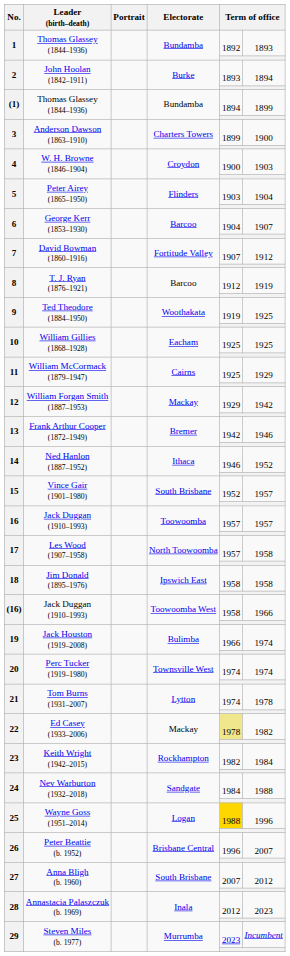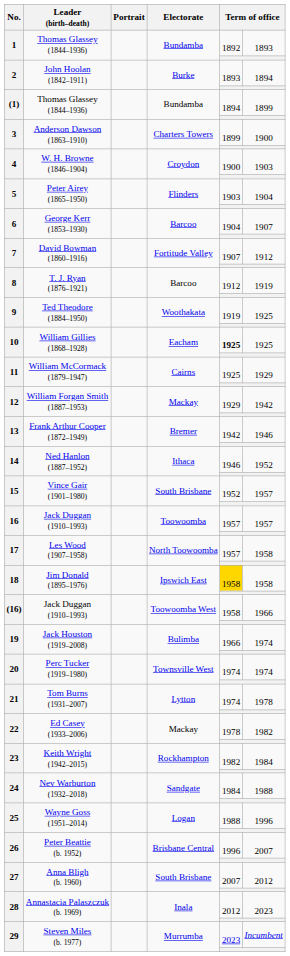 <table class="wikitable" style="text-align:center; font-size: 95%">
 <tr>
 <th>No.</th>
 <th>Leader<br><small>(birth–death)</small></th>
 <th>Portrait</th>
 <th>Electorate</th>
 <th colspan=2 scope="col">Term of office</th>
 </tr>
 <tr>
 <th rowspan=2>1</th>
 <td rowspan=2><a href='#'>Thomas Glassey</a><br><small>(1844–1936)</small></td>
 <td rowspan=2></td>
 <td rowspan=2><a href='#'>Bundamba</a></td>
 <td><br>1892</td>
 <td><br>1893</td>
 </tr>
 <tr>
 <th colspan=2 style="font-size:90%; font-weight:normal"></th>
 </tr>
 <tr>
 <th rowspan=2>2</th>
 <td rowspan=2><a href='#'>John Hoolan</a><br><small>(1842–1911)</small></td>
 <td rowspan=2></td>
 <td rowspan=2><a href='#'>Burke</a></td>
 <td><br>1893</td>
 <td><br>1894</td>
 </tr>
 <tr>
 <th colspan=2 style="font-size:90%; font-weight:normal"></th>
 </tr>
 <tr>
 <th rowspan=2>(1)</th>
 <td rowspan=2>Thomas Glassey<br><small>(1844–1936)</small></td>
 <td rowspan=2></td>
 <td rowspan=2>Bundamba</td>
 <td><br>1894</td>
 <td><br>1899</td>
 </tr>
 <tr>
 <th colspan=2 style="font-size:90%; font-weight:normal"></th>
 </tr>
 <tr>
 <th rowspan=2>3</th>
 <td rowspan=2><a href='#'>Anderson Dawson</a><br><small>(1863–1910)</small></td>
 <td rowspan=2></td>
 <td rowspan=2><a href='#'>Charters Towers</a></td>
 <td><br>1899</td>
 <td><br>1900</td>
 </tr>
 <tr>
 <th colspan=2 style="font-size:90%; font-weight:normal"></th>
 </tr>
 <tr>
 <th rowspan=2>4</th>
 <td rowspan=2><a href='#'>W. H. Browne</a><br><small>(1846–1904)</small></td>
 <td rowspan=2></td>
 <td rowspan=2><a href='#'>Croydon</a></td>
 <td><br>1900</td>
 <td><br>1903</td>
 </tr>
 <tr>
 <th colspan=2 style="font-size:90%; font-weight:normal"></th>
 </tr>
 <tr>
 <th rowspan=2>5</th>
 <td rowspan=2><a href='#'>Peter Airey</a><br><small>(1865–1950)</small></td>
 <td rowspan=2></td>
 <td rowspan=2><a href='#'>Flinders</a></td>
 <td><br>1903</td>
 <td><br>1904</td>
 </tr>
 <tr>
 <th colspan=2 style="font-size:90%; font-weight:normal"></th>
 </tr>
 <tr>
 <th rowspan=2>6</th>
 <td rowspan=2><a href='#'>George Kerr</a><br><small>(1853–1930)</small></td>
 <td rowspan=2></td>
 <td rowspan=2><a href='#'>Barcoo</a></td>
 <td><br>1904</td>
 <td><br>1907</td>
 </tr>
 <tr>
 <th colspan=2 style="font-size:90%; font-weight:normal"></th>
 </tr>
 <tr>
 <th rowspan=2>7</th>
 <td rowspan=2><a href='#'>David Bowman</a><br><small>(1860–1916)</small></td>
 <td rowspan=2></td>
 <td rowspan=2><a href='#'>Fortitude Valley</a></td>
 <td><br>1907</td>
 <td><br>1912</td>
 </tr>
 <tr>
 <th colspan=2 style="font-size:90%; font-weight:normal"></th>
 </tr>
 <tr>
 <th rowspan=2>8</th>
 <td rowspan=2><a href='#'>T. J. Ryan</a><br><small>(1876–1921)</small></td>
 <td rowspan=2></td>
 <td rowspan=2>Barcoo</td>
 <td><br>1912</td>
 <td><br>1919</td>
 </tr>
 <tr>
 <th colspan=2 style="font-size:90%; font-weight:normal"></th>
 </tr>
 <tr>
 <th rowspan=2>9</th>
 <td rowspan=2><a href='#'>Ted Theodore</a><br><small>(1884–1950)</small></td>
 <td rowspan=2></td>
 <td rowspan=2><a href='#'>Woothakata</a></td>
 <td><br>1919</td>
 <td><br>1925</td>
 </tr>
 <tr>
 <th colspan=2 style="font-size:90%; font-weight:normal"></th>
 </tr>
 <tr>
 <th rowspan=2>10</th>
 <td rowspan=2><a href='#'>William Gillies</a><br><small>(1868–1928)</small></td>
 <td rowspan=2></td>
 <td rowspan=2><a href='#'>Eacham</a></td>
-<td><br>1925</td>
+<td><strong><br>1925</strong></td>
 <td><br>1925</td>
 </tr>
 <tr>
 <th colspan=2 style="font-size:90%; font-weight:normal"></th>
 </tr>
 <tr>
 <th rowspan=2>11</th>
 <td rowspan=2><a href='#'>William McCormack</a><br><small>(1879–1947)</small></td>
 <td rowspan=2></td>
 <td rowspan=2><a href='#'>Cairns</a></td>
 <td><br>1925</td>
 <td><br>1929</td>
 </tr>
 <tr>
 <th colspan=2 style="font-size:90%; font-weight:normal"></th>
 </tr>
 <tr>
 <th rowspan=2>12</th>
 <td rowspan=2><a href='#'>William Forgan Smith</a><br><small>(1887–1953)</small></td>
 <td rowspan=2></td>
 <td rowspan=2><a href='#'>Mackay</a></td>
 <td><br>1929</td>
 <td><br>1942</td>
 </tr>
 <tr>
 <th colspan=2 style="font-size:90%; font-weight:normal"></th>
 </tr>
 <tr>
 <th rowspan=2>13</th>
 <td rowspan=2><a href='#'>Frank Arthur Cooper</a><br><small>(1872–1949)</small></td>
 <td rowspan=2></td>
 <td rowspan=2><a href='#'>Bremer</a></td>
 <td><br>1942</td>
 <td><br>1946</td>
 </tr>
 <tr>
 <th colspan=2 style="font-size:90%; font-weight:normal"></th>
 </tr>
 <tr>
 <th rowspan=2>14</th>
 <td rowspan=2><a href='#'>Ned Hanlon</a><br><small>(1887–1952)</small></td>
 <td rowspan=2></td>
 <td rowspan=2><a href='#'>Ithaca</a></td>
 <td><br>1946</td>
 <td><br>1952</td>
 </tr>
 <tr>
 <th colspan=2 style="font-size:90%; font-weight:normal"></th>
 </tr>
 <tr>
 <th rowspan=2>15</th>
 <td rowspan=2><a href='#'>Vince Gair</a><br><small>(1901–1980)</small></td>
 <td rowspan=2></td>
 <td rowspan=2><a href='#'>South Brisbane</a></td>
 <td><br>1952</td>
 <td><br>1957</td>
 </tr>
 <tr>
 <th colspan=2 style="font-size:90%; font-weight:normal"></th>
 </tr>
 <tr>
 <th rowspan=2>16</th>
 <td rowspan=2><a href='#'>Jack Duggan</a><br><small>(1910–1993)</small></td>
 <td rowspan=2></td>
 <td rowspan=2><a href='#'>Toowoomba</a></td>
 <td><br>1957</td>
 <td><br>1957</td>
 </tr>
 <tr>
 <th colspan=2 style="font-size:90%; font-weight:normal"></th>
 </tr>
 <tr>
 <th rowspan=2>17</th>
 <td rowspan=2><a href='#'>Les Wood</a><br><small>(1907–1958)</small></td>
 <td rowspan=2></td>
 <td rowspan=2><a href='#'>North Toowoomba</a></td>
 <td><br>1957</td>
 <td><br>1958</td>
 </tr>
 <tr>
 <th colspan=2 style="font-size:90%; font-weight:normal"></th>
 </tr>
 <tr>
 <th rowspan=2>18</th>
 <td rowspan=2><a href='#'>Jim Donald</a><br><small>(1895–1976)</small></td>
 <td rowspan=2></td>
 <td rowspan=2><a href='#'>Ipswich East</a></td>
-<td><br>1958</td>
+<td style="background: gold;"><br>1958</td>
 <td><br>1958</td>
 </tr>
 <tr>
 <th colspan=2 style="font-size:90%; font-weight:normal"></th>
 </tr>
 <tr>
 <th rowspan=2>(16)</th>
 <td rowspan=2>Jack Duggan<br><small>(1910–1993)</small></td>
 <td rowspan=2></td>
 <td rowspan=2><a href='#'>Toowoomba West</a></td>
 <td><br>1958</td>
 <td><br>1966</td>
 </tr>
 <tr>
 <th colspan=2 style="font-size:90%; font-weight:normal"></th>
 </tr>
 <tr>
 <th rowspan=2>19</th>
 <td rowspan=2><a href='#'>Jack Houston</a><br><small>(1919–2008)</small></td>
 <td rowspan=2></td>
 <td rowspan=2><a href='#'>Bulimba</a></td>
 <td><br>1966</td>
 <td><br>1974</td>
 </tr>
 <tr>
 <th colspan=2 style="font-size:90%; font-weight:normal"></th>
 </tr>
 <tr>
 <th rowspan=2>20</th>
 <td rowspan=2><a href='#'>Perc Tucker</a><br><small>(1919–1980)</small></td>
 <td rowspan=2></td>
 <td rowspan=2><a href='#'>Townsville West</a></td>
 <td><br>1974</td>
 <td><br>1974</td>
 </tr>
 <tr>
 <th colspan=2 style="font-size:90%; font-weight:normal"></th>
 </tr>
 <tr>
 <th rowspan=2>21</th>
 <td rowspan=2><a href='#'>Tom Burns</a><br><small>(1931–2007)</small></td>
 <td rowspan=2></td>
 <td rowspan=2><a href='#'>Lytton</a></td>
 <td><br>1974</td>
 <td><br>1978</td>
 </tr>
 <tr>
 <th colspan=2 style="font-size:90%; font-weight:normal"></th>
 </tr>
 <tr>
 <th rowspan=2>22</th>
 <td rowspan=2><a href='#'>Ed Casey</a><br><small>(1933–2006)</small></td>
 <td rowspan=2></td>
 <td rowspan=2>Mackay</td>
-<td style="background: khaki;"><br>1978</td>
+<td><br>1978</td>
 <td><br>1982</td>
 </tr>
 <tr>
 <th colspan=2 style="font-size:90%; font-weight:normal"></th>
 </tr>
 <tr>
 <th rowspan=2>23</th>
 <td rowspan=2><a href='#'>Keith Wright</a><br><small>(1942–2015)</small></td>
 <td rowspan=2></td>
 <td rowspan=2><a href='#'>Rockhampton</a></td>
 <td><br>1982</td>
 <td><br>1984</td>
 </tr>
 <tr>
 <th colspan=2 style="font-size:90%; font-weight:normal"></th>
 </tr>
 <tr>
 <th rowspan=2>24</th>
 <td rowspan=2><a href='#'>Nev Warburton</a><br><small>(1932–2018)</small></td>
 <td rowspan=2></td>
 <td rowspan=2><a href='#'>Sandgate</a></td>
 <td><br>1984</td>
 <td><br>1988</td>
 </tr>
 <tr>
 <th colspan=2 style="font-size:90%; font-weight:normal"></th>
 </tr>
 <tr>
 <th rowspan=2>25</th>
 <td rowspan=2><a href='#'>Wayne Goss</a><br><small>(1951–2014)</small></td>
 <td rowspan=2></td>
 <td rowspan=2><a href='#'>Logan</a></td>
-<td style="background: gold;"><br>1988</td>
+<td><br>1988</td>
 <td><br>1996</td>
 </tr>
 <tr>
 <th colspan=2 style="font-size:90%; font-weight:normal"></th>
 </tr>
 <tr>
 <th rowspan=2>26</th>
 <td rowspan=2><a href='#'>Peter Beattie</a><br><small>(b. 1952)</small></td>
 <td rowspan=2></td>
 <td rowspan=2><a href='#'>Brisbane Central</a></td>
 <td><br>1996</td>
 <td><br>2007</td>
 </tr>
 <tr>
 <th colspan=2 style="font-size:90%; font-weight:normal"></th>
 </tr>
 <tr>
 <th rowspan=2>27</th>
 <td rowspan=2><a href='#'>Anna Bligh</a><br><small>(b. 1960)</small></td>
 <td rowspan=2></td>
 <td rowspan=2><a href='#'>South Brisbane</a></td>
 <td><br>2007</td>
 <td><br>2012</td>
 </tr>
 <tr>
 <th colspan=2 style="font-size:90%; font-weight:normal"></th>
 </tr>
 <tr>
 <th rowspan=2>28</th>
 <td rowspan=2><a href='#'>Annastacia Palaszczuk</a><br><small>(b. 1969)</small></td>
 <td rowspan=2></td>
 <td rowspan=2><a href='#'>Inala</a></td>
 <td><br>2012</td>
 <td><br>2023</td>
 </tr>
 <tr>
 <th colspan=2 style="font-size:90%; font-weight:normal"></th>
 </tr>
 <tr>
 <th rowspan=2>29</th>
 <td rowspan=2><a href='#'>Steven Miles</a><br><small>(b. 1977)</small></td>
 <td rowspan=2></td>
 <td rowspan=2><a href='#'>Murrumba</a></td>
 <td><br><a href='#'>2023</a></td>
 <td><em><a href='#'>Incumbent</a></em></td>
 </tr>
 <tr>
 <th colspan=2 style="font-size:90%; font-weight:normal"></th>
 </tr>
 </table>
